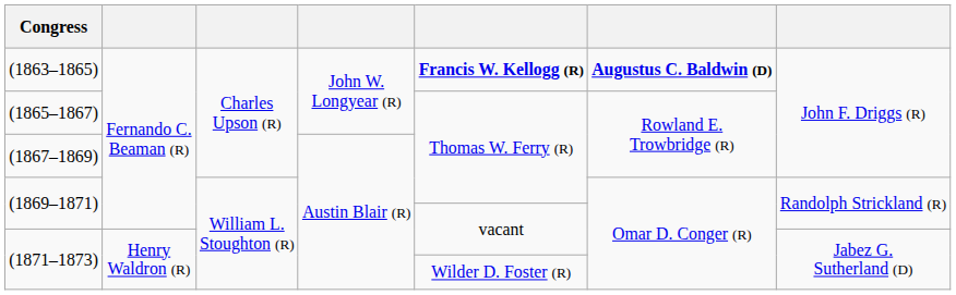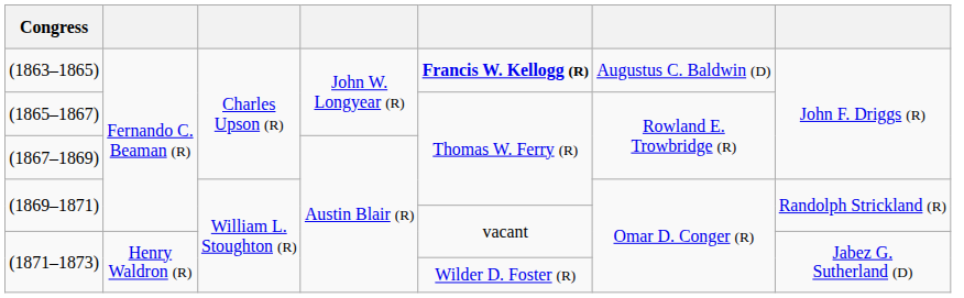 <table class=wikitable style="text-align:center">
 <tr style="height:2.5em">
 <th>Cong­ress</th>
 <th></th>
 <th></th>
 <th></th>
 <th></th>
 <th></th>
 <th></th>
 </tr>
 <tr style="height:2.5em">
 <td><strong></strong> (1863–1865)</td>
 <td rowspan=5 ><a href='#'>Fernando C.<br>Beaman</a> <small>(R)</small></td>
 <td rowspan=3 ><a href='#'>Charles<br>Upson</a> <small>(R)</small></td>
 <td rowspan=2 ><a href='#'>John W.<br>Longyear</a> <small>(R)</small></td>
 <td><strong><a href='#'>Francis W. Kellogg</a> <small>(R)</small></strong></td>
-<td><strong><a href='#'>Augustus C. Baldwin</a> <small>(D)</small></strong></td>
+<td><a href='#'>Augustus C. Baldwin</a> <small>(D)</small></td>
 <td rowspan=3 ><a href='#'>John F. Driggs</a> <small>(R)</small></td>
 </tr>
 <tr style="height:2.5em">
 <td><strong></strong> (1865–1867)</td>
 <td rowspan=3 ><a href='#'>Thomas W. Ferry</a> <small>(R)</small></td>
 <td rowspan=2 ><a href='#'>Rowland E.<br>Trowbridge</a> <small>(R)</small></td>
 </tr>
 <tr style="height:2.5em">
 <td><strong></strong> (1867–1869)</td>
 <td rowspan=5 ><a href='#'>Austin Blair</a> <small>(R)</small></td>
 </tr>
 <tr style="height:1.5em">
 <td rowspan=2><strong></strong> (1869–1871)</td>
 <td rowspan=4 ><a href='#'>William L.<br>Stoughton</a> <small>(R)</small></td>
 <td rowspan=4 ><a href='#'>Omar D. Conger</a> <small>(R)</small></td>
 <td rowspan=2 ><a href='#'>Randolph Strickland</a> <small>(R)</small></td>
 </tr>
 <tr style="height:1.5em">
 <td rowspan=2 >vacant</td>
 </tr>
 <tr style="height:1.5em">
 <td rowspan=2><strong></strong> (1871–1873)</td>
 <td rowspan=2 ><a href='#'>Henry<br>Waldron</a> <small>(R)</small></td>
 <td rowspan=2 ><a href='#'>Jabez G.<br>Sutherland</a> <small>(D)</small></td>
 </tr>
 <tr style="height:2em">
 <td><a href='#'>Wilder D. Foster</a> <small>(R)</small></td>
 </tr>
 </table>
